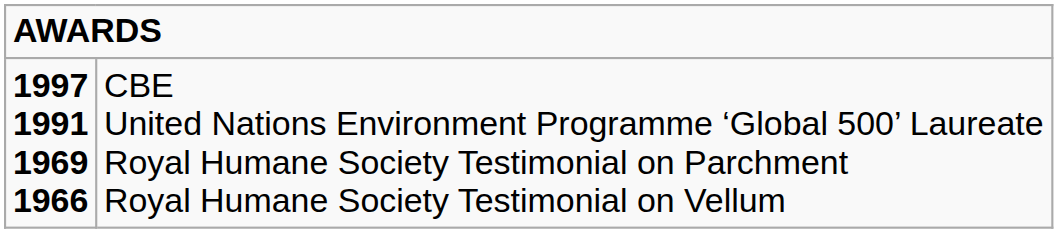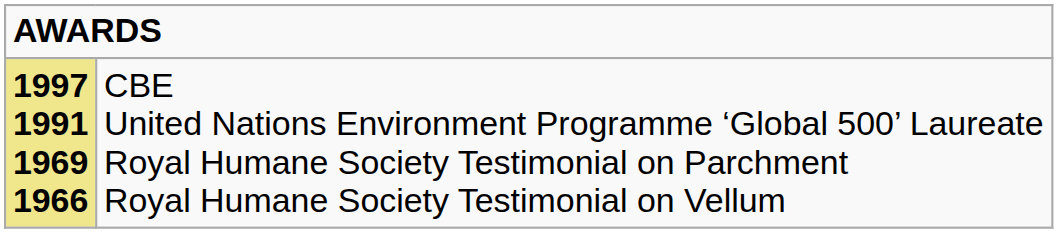 <table class="wikitable">
 <tr>
 <td colspan="2"><strong>AWARDS</strong></td>
 </tr>
 <tr>
-<td><strong>1997</strong><br><strong>1991</strong><br><strong>1969</strong><br><strong>1966</strong></td>
+<td style="background: khaki;"><strong>1997</strong><br><strong>1991</strong><br><strong>1969</strong><br><strong>1966</strong></td>
 <td>CBE<br>United Nations Environment Programme ‘Global 500’  Laureate<br>Royal Humane Society Testimonial on Parchment<br>Royal Humane Society Testimonial on Vellum</td>
 </tr>
 </table>
